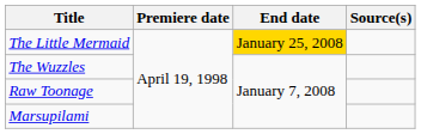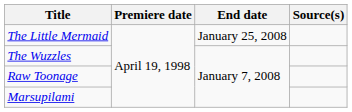 <table class="wikitable sortable">
 <tr>
 <th>Title</th>
 <th>Premiere date</th>
 <th>End date</th>
 <th>Source(s)</th>
 </tr>
 <tr>
 <td><em><a href='#'>The Little Mermaid</a></em></td>
 <td rowspan=4>April 19, 1998</td>
-<td style="background: gold;">January 25, 2008</td>
+<td>January 25, 2008</td>
 <td></td>
 </tr>
 <tr>
 <td><em><a href='#'>The Wuzzles</a></em></td>
 <td rowspan="3">January 7, 2008</td>
 <td></td>
 </tr>
 <tr>
 <td><em><a href='#'>Raw Toonage</a></em></td>
 <td></td>
 </tr>
 <tr>
 <td><em><a href='#'>Marsupilami</a></em></td>
 <td></td>
 </tr>
 </table>
